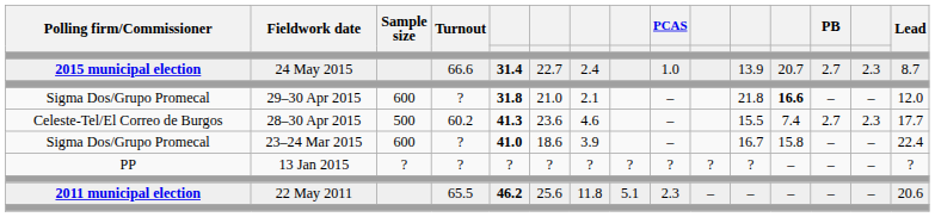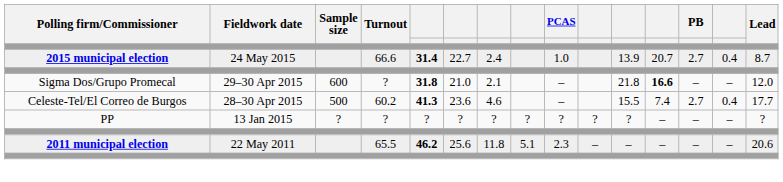 <table class="wikitable collapsible collapsed" style="text-align:center; font-size:95%; line-height:16px;">
 <tr style="height:42px;">
 <th style="width:250px;" rowspan="2">Polling firm/Commissioner</th>
 <th style="width:125px;" rowspan="2">Fieldwork date</th>
 <th style="width:50px;" rowspan="2">Sample size</th>
 <th style="width:45px;" rowspan="2">Turnout</th>
 <th style="width:35px;"></th>
 <th style="width:35px;"></th>
 <th style="width:35px;"></th>
 <th style="width:35px;"></th>
 <th style="width:35px; font-size:90%;"><a href='#'>PCAS</a></th>
 <th style="width:35px;"></th>
 <th style="width:35px;"></th>
 <th style="width:35px;"></th>
 <th style="width:35px;">PB</th>
 <th style="width:35px;"></th>
 <th style="width:30px;" rowspan="2">Lead</th>
 </tr>
 <tr>
 <th style="color:inherit;background:"></th>
 <th style="color:inherit;background:"></th>
 <th style="color:inherit;background:"></th>
 <th style="color:inherit;background:"></th>
 <th style="color:inherit;background:"></th>
 <th style="color:inherit;background:"></th>
 <th style="color:inherit;background:"></th>
 <th style="color:inherit;background:"></th>
 <th style="color:inherit;background:"></th>
 <th style="color:inherit;background:"></th>
 </tr>
 <tr>
 <td colspan="15" style="background:#A0A0A0"></td>
 </tr>
 <tr style="background:#EFEFEF;">
 <td><strong><a href='#'>2015 municipal election</a></strong></td>
 <td>24 May 2015</td>
 <td></td>
 <td>66.6</td>
 <td><strong>31.4</strong><br></td>
 <td>22.7<br></td>
 <td>2.4<br></td>
 <td></td>
 <td>1.0<br></td>
 <td></td>
 <td>13.9<br></td>
 <td>20.7<br></td>
 <td>2.7<br></td>
-<td>2.3<br></td>
+<td>0.4<br></td>
 <td style="background:">8.7</td>
 </tr>
 <tr>
 <td colspan="15" style="background:#A0A0A0"></td>
 </tr>
 <tr>
 <td>Sigma Dos/Grupo Promecal</td>
 <td>29–30 Apr 2015</td>
 <td>600</td>
 <td>?</td>
 <td><strong>31.8</strong><br></td>
 <td>21.0<br></td>
 <td>2.1<br></td>
 <td></td>
 <td>–</td>
 <td></td>
 <td>21.8<br></td>
 <td><strong>16.6<br></strong></td>
 <td>–</td>
 <td>–</td>
 <td style="background:">12.0</td>
 </tr>
 <tr>
 <td>Celeste-Tel/El Correo de Burgos</td>
 <td>28–30 Apr 2015</td>
 <td>500</td>
 <td>60.2</td>
 <td><strong>41.3</strong><br></td>
 <td>23.6<br></td>
 <td>4.6<br></td>
 <td></td>
 <td>–</td>
 <td></td>
 <td>15.5<br></td>
 <td>7.4<br></td>
 <td>2.7<br></td>
-<td>2.3<br></td>
+<td>0.4<br></td>
 <td style="background:">17.7</td>
-</tr>
-<tr>
-<td>Sigma Dos/Grupo Promecal</td>
-<td>23–24 Mar 2015</td>
-<td>600</td>
-<td>?</td>
-<td><strong>41.0</strong><br></td>
-<td>18.6<br></td>
-<td>3.9<br></td>
-<td></td>
-<td>–</td>
-<td></td>
-<td>16.7<br></td>
-<td>15.8<br></td>
-<td>–</td>
-<td>–</td>
-<td style="background:">22.4</td>
 </tr>
 <tr>
 <td>PP</td>
 <td>13 Jan 2015</td>
 <td>?</td>
 <td>?</td>
 <td>?<br></td>
 <td>?<br></td>
 <td>?<br></td>
 <td>?<br></td>
 <td>?<br></td>
 <td>?<br></td>
 <td>?<br></td>
 <td>–</td>
 <td>–</td>
 <td>–</td>
 <td style="background:">?</td>
 </tr>
 <tr>
 <td colspan="15" style="background:#A0A0A0"></td>
 </tr>
 <tr style="background:#EFEFEF;">
 <td><strong><a href='#'>2011 municipal election</a></strong></td>
 <td>22 May 2011</td>
 <td></td>
 <td>65.5</td>
 <td><strong>46.2</strong><br></td>
 <td>25.6<br></td>
 <td>11.8<br></td>
 <td>5.1<br></td>
 <td>2.3<br></td>
 <td>–</td>
 <td>–</td>
 <td>–</td>
 <td>–</td>
 <td>–</td>
 <td style="background:">20.6</td>
 </tr>
 <tr>
 <td colspan="15" style="background:#A0A0A0"></td>
 </tr>
 </table>
